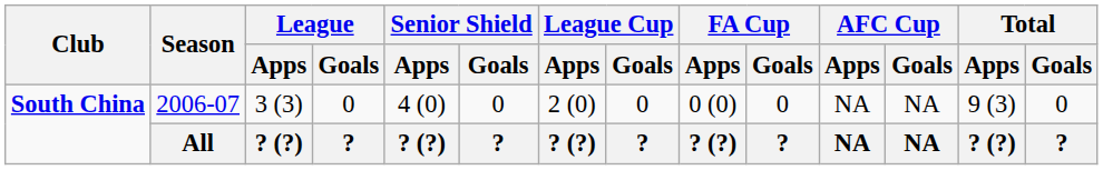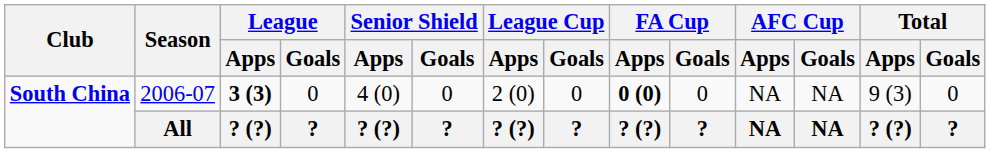 <table class="wikitable" style="text-align: center;">
 <tr>
 <th rowspan="2">Club</th>
 <th rowspan="2">Season</th>
 <th colspan="2"><a href='#'>League</a></th>
 <th colspan="2"><a href='#'>Senior Shield</a></th>
 <th colspan="2"><a href='#'>League Cup</a></th>
 <th colspan="2"><a href='#'>FA Cup</a></th>
 <th colspan="2"><a href='#'>AFC Cup</a></th>
 <th colspan="2">Total</th>
 </tr>
 <tr>
 <th>Apps</th>
 <th>Goals</th>
 <th>Apps</th>
 <th>Goals</th>
 <th>Apps</th>
 <th>Goals</th>
 <th>Apps</th>
 <th>Goals</th>
 <th>Apps</th>
 <th>Goals</th>
 <th>Apps</th>
 <th>Goals</th>
 </tr>
 <tr>
 <td rowspan="6" valign="top"><strong><a href='#'>South China</a></strong></td>
 <td><a href='#'>2006-07</a></td>
-<td>3 (3)</td>
+<td><strong>3 (3)</strong></td>
 <td>0</td>
 <td>4 (0)</td>
 <td>0</td>
 <td>2 (0)</td>
 <td>0</td>
-<td>0 (0)</td>
+<td><strong>0 (0)</strong></td>
 <td>0</td>
 <td>NA</td>
 <td>NA</td>
 <td>9 (3)</td>
 <td>0</td>
 </tr>
 <tr>
 <th>All</th>
 <th>? (?)</th>
 <th>?</th>
 <th>? (?)</th>
 <th>?</th>
 <th>? (?)</th>
 <th>?</th>
 <th>? (?)</th>
 <th>?</th>
 <th>NA</th>
 <th>NA</th>
 <th>? (?)</th>
 <th>?</th>
 </tr>
 </table>
